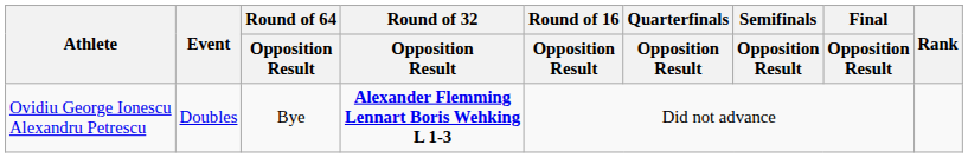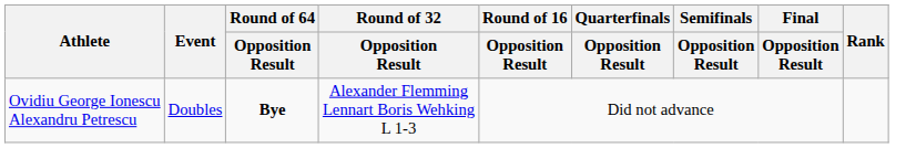 <table class="wikitable" border="1" style="font-size:90%">
 <tr>
 <th rowspan=2>Athlete</th>
 <th rowspan=2>Event</th>
 <th colspan="1">Round of 64</th>
 <th colspan="1">Round of 32</th>
 <th colspan="1">Round of 16</th>
 <th colspan="1">Quarterfinals</th>
 <th colspan="1">Semifinals</th>
 <th colspan="1">Final</th>
 <th rowspan="2">Rank</th>
 </tr>
 <tr>
 <th>Opposition<br>Result</th>
 <th>Opposition<br>Result</th>
 <th>Opposition<br>Result</th>
 <th>Opposition<br>Result</th>
 <th>Opposition<br>Result</th>
 <th>Opposition<br>Result</th>
 </tr>
 <tr>
 <td><a href='#'>Ovidiu George Ionescu</a><br><a href='#'>Alexandru Petrescu</a></td>
 <td><a href='#'>Doubles</a></td>
-<td align=center>Bye</td>
-<td align=center><strong> <a href='#'>Alexander Flemming</a><br><a href='#'>Lennart Boris Wehking</a><br>  L 1-3</strong></td>
+<td align=center><strong>Bye</strong></td>
+<td align=center> <a href='#'>Alexander Flemming</a><br><a href='#'>Lennart Boris Wehking</a><br>  L 1-3</td>
 <td colspan="4" align=center>Did not advance</td>
 <td align=center></td>
 </tr>
 </table>
